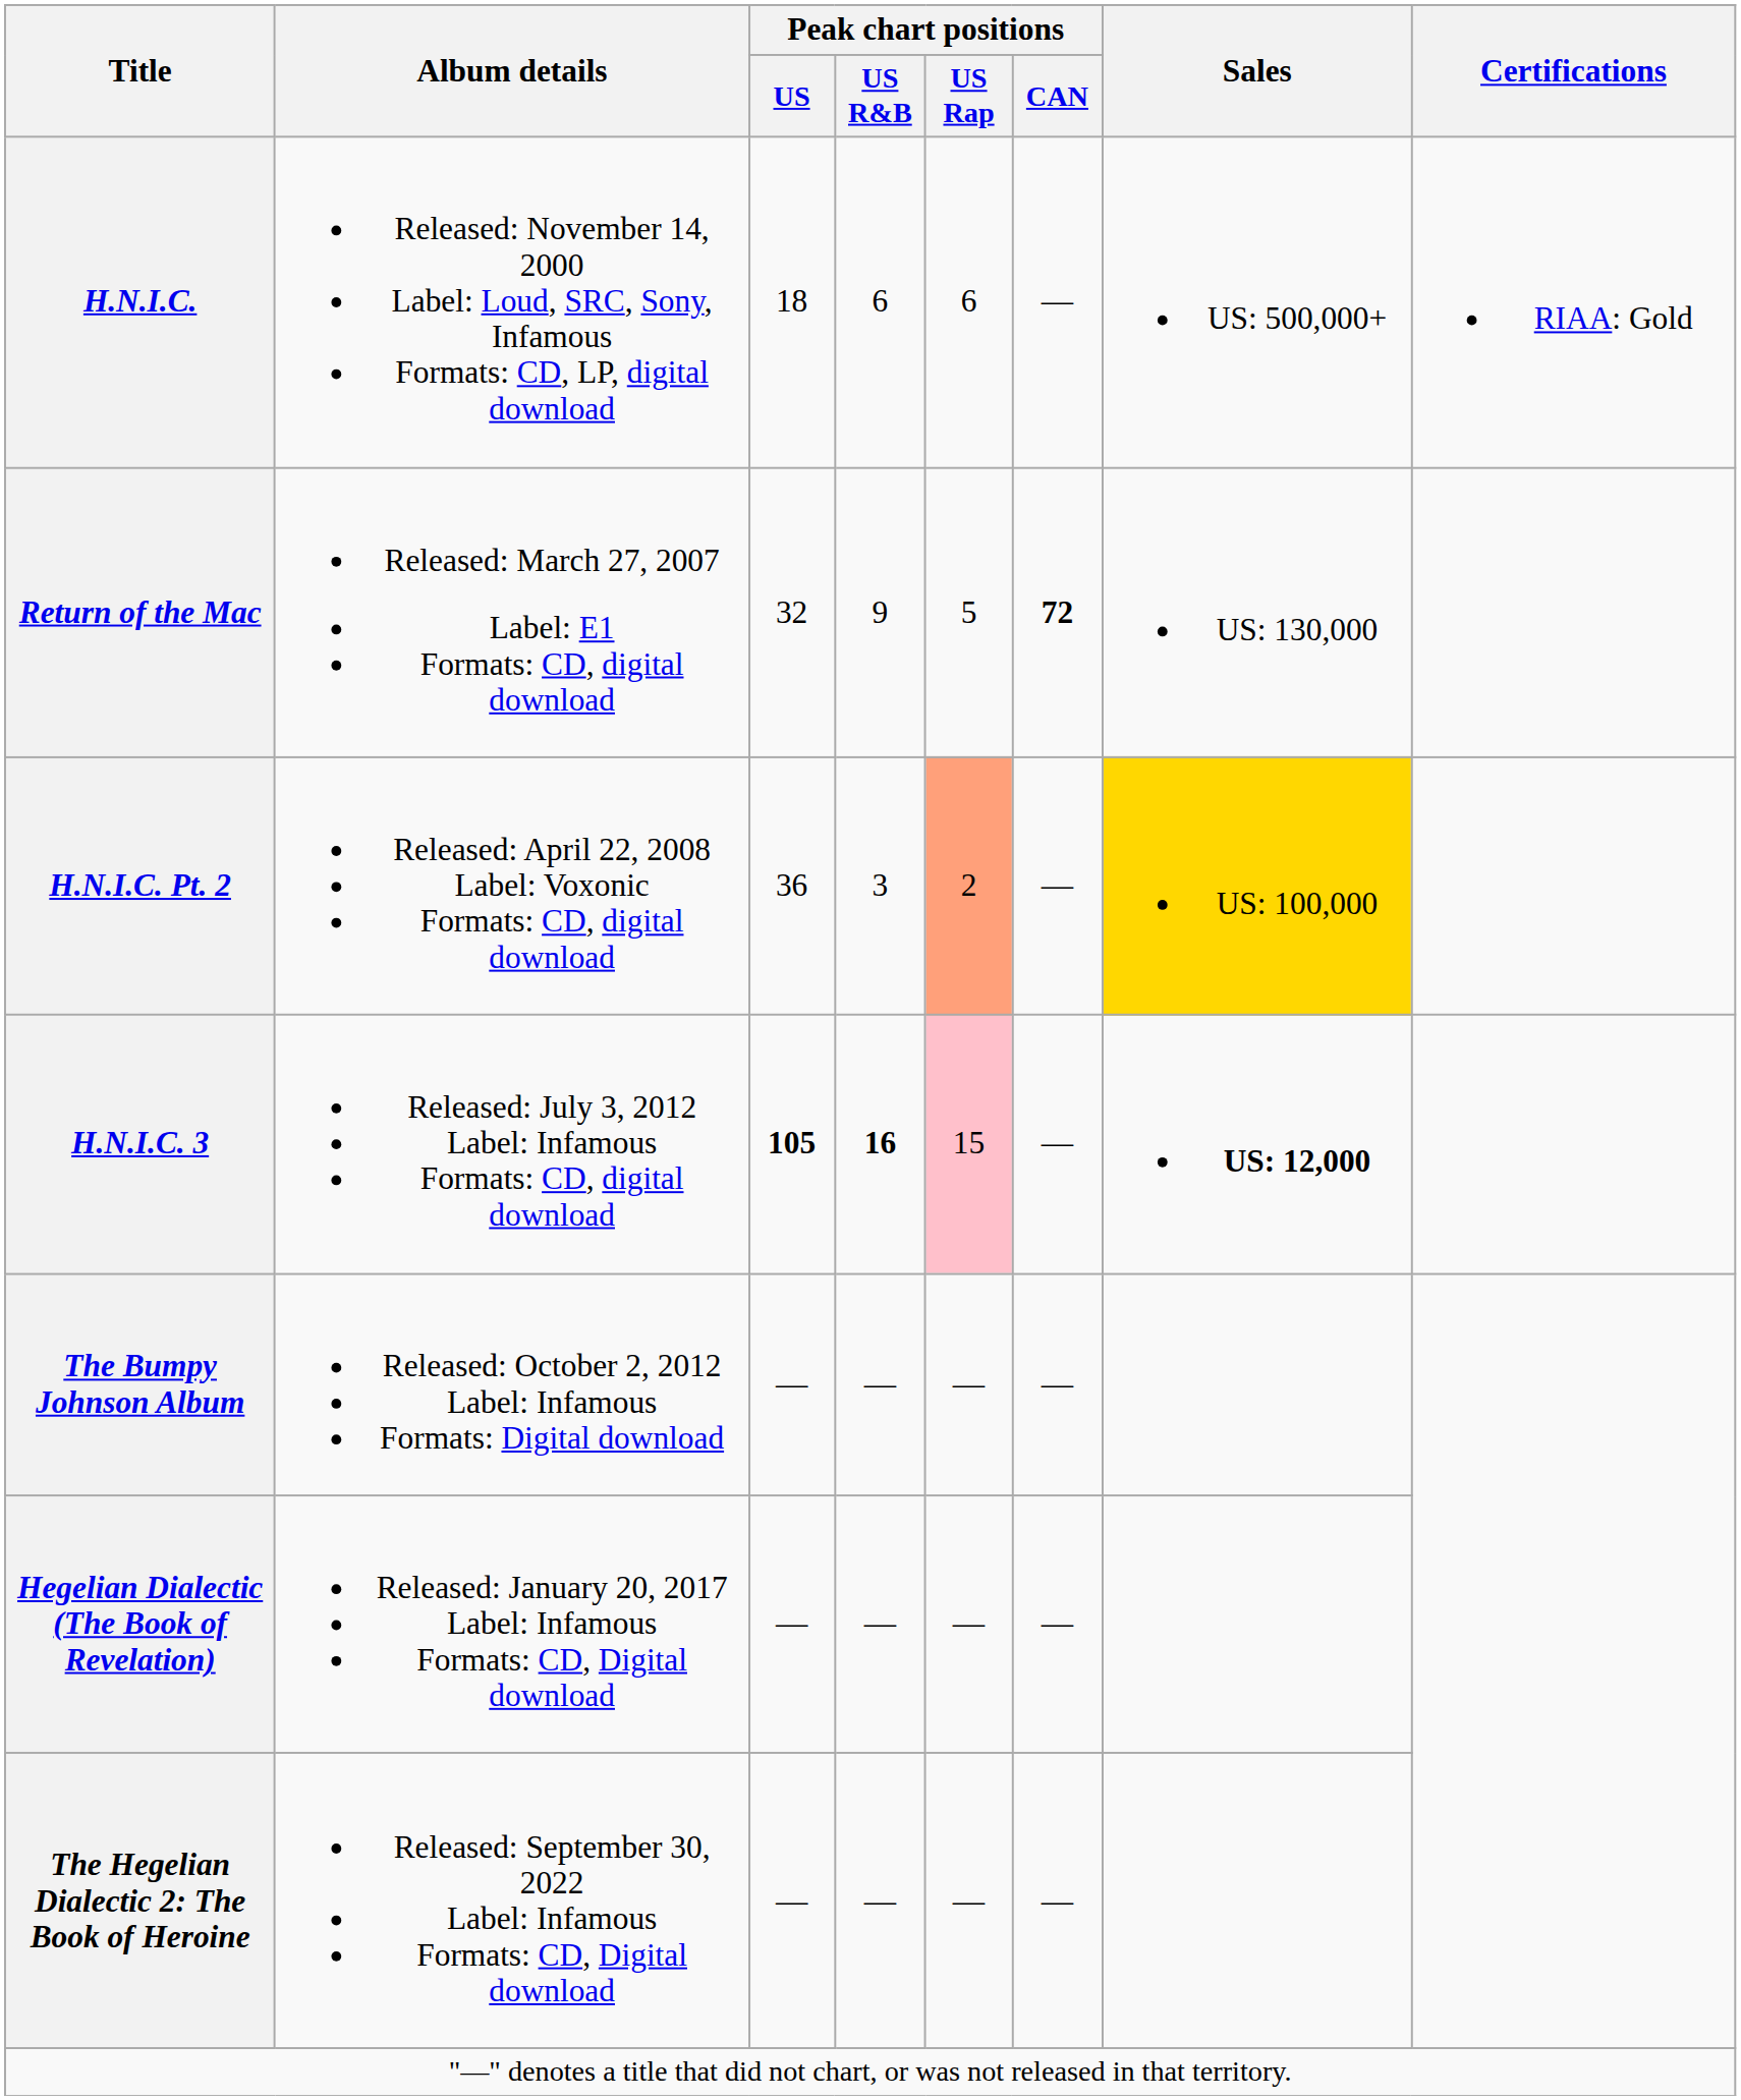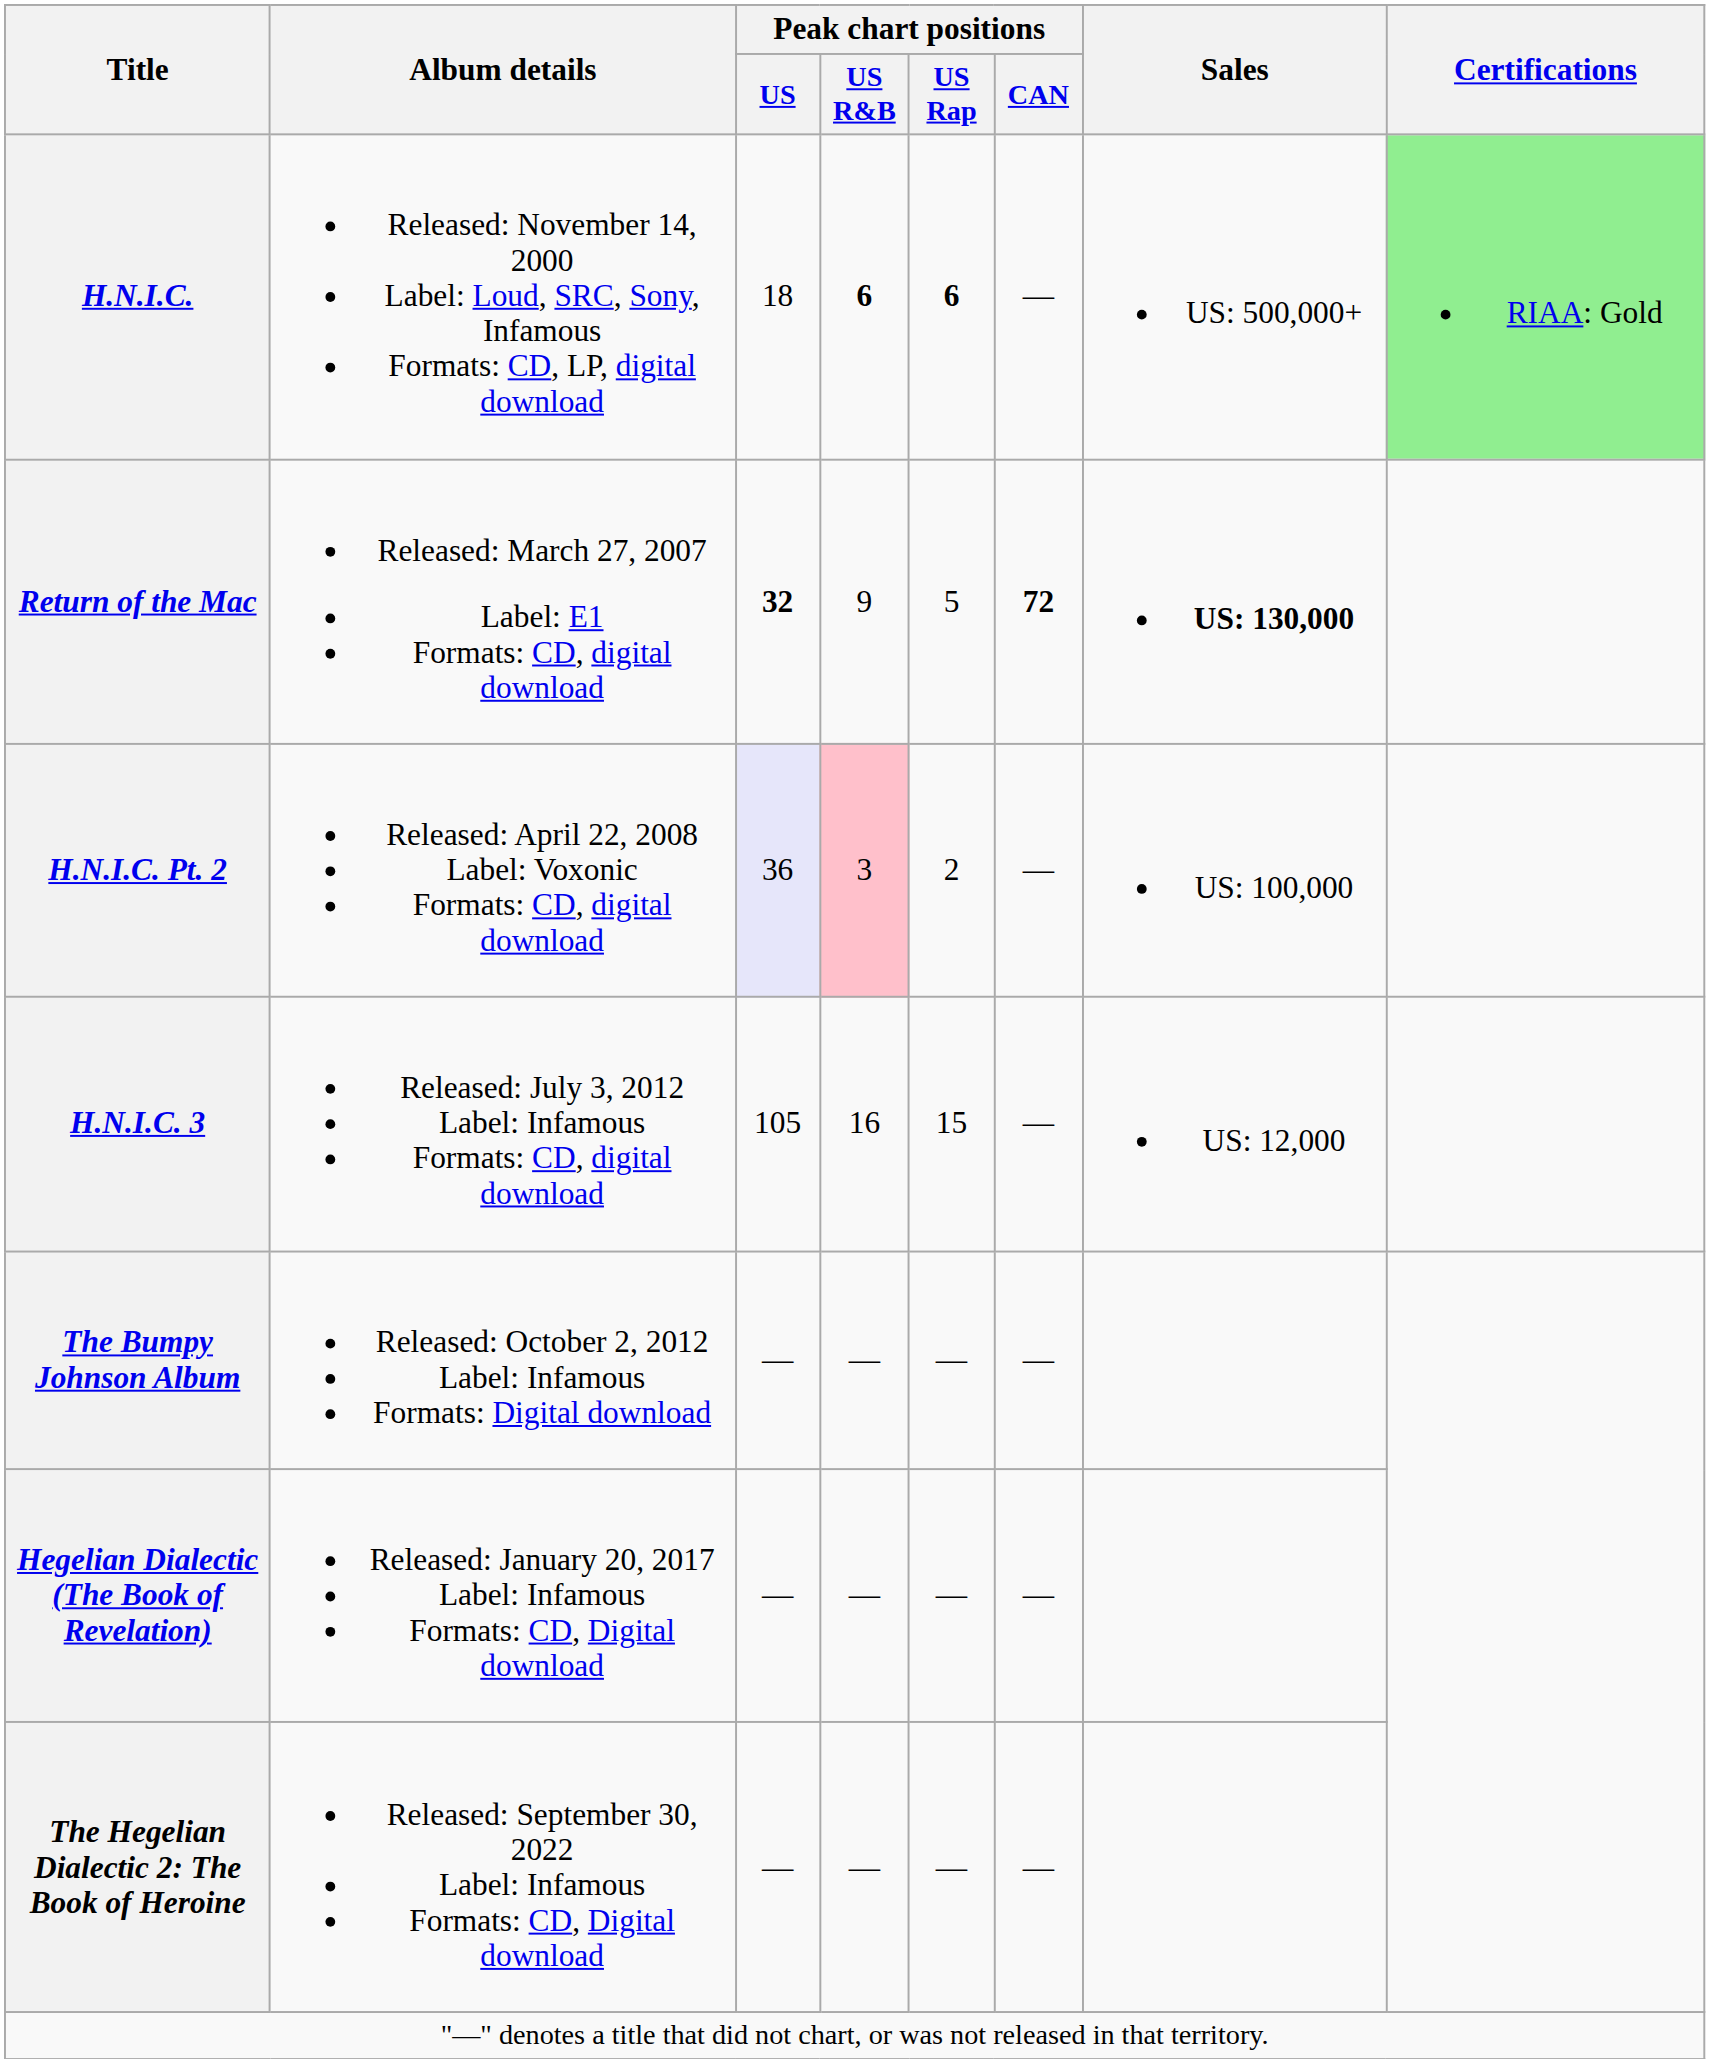 <table class="wikitable plainrowheaders" style="text-align:center;">
 <tr>
 <th scope="col" rowspan="2" style="width:10em;">Title</th>
 <th scope="col" rowspan="2" style="width:19em;">Album details</th>
 <th scope="col" colspan="4">Peak chart positions</th>
 <th scope="col" rowspan="2" style="width:11em;">Sales</th>
 <th scope="col" rowspan="2" style="width:12em;"><a href='#'>Certifications</a></th>
 </tr>
 <tr>
 <th scope="col" style="width:3em;font-size:90%;"><a href='#'>US</a></th>
 <th scope="col" style="width:3em;font-size:90%;"><a href='#'>US R&B</a></th>
 <th scope="col" style="width:3em;font-size:90%;"><a href='#'>US<br>Rap</a></th>
 <th scope="col" style="width:3em;font-size:90%;"><a href='#'>CAN</a></th>
 </tr>
 <tr>
 <th scope="row"><em><a href='#'>H.N.I.C.</a></em></th>
 <td><br><ul><li>Released: November 14, 2000</li><li>Label: <a href='#'>Loud</a>, <a href='#'>SRC</a>, <a href='#'>Sony</a>, Infamous</li><li>Formats: <a href='#'>CD</a>, LP, <a href='#'>digital download</a></li></ul></td>
 <td>18</td>
-<td>6</td>
-<td>6</td>
+<td><strong>6</strong></td>
+<td><strong>6</strong></td>
 <td>—</td>
 <td><br><ul><li>US: 500,000+</li></ul></td>
-<td><br><ul><li><a href='#'>RIAA</a>: Gold</li></ul></td>
+<td style="background: lightgreen;"><br><ul><li><a href='#'>RIAA</a>: Gold</li></ul></td>
 </tr>
 <tr>
 <th scope="row"><em><a href='#'>Return of the Mac</a></em></th>
 <td><br><ul><li>Released: March 27, 2007</li></ul><ul><li>Label: <a href='#'>E1</a></li><li>Formats: <a href='#'>CD</a>, <a href='#'>digital download</a></li></ul></td>
-<td>32</td>
+<td><strong>32</strong></td>
 <td>9</td>
 <td>5</td>
 <td><strong>72</strong></td>
-<td><br><ul><li>US: 130,000</li></ul></td>
+<td><strong><br><ul><li>US: 130,000</li></ul></strong></td>
 <td></td>
 </tr>
 <tr>
 <th scope="row"><em><a href='#'>H.N.I.C. Pt. 2</a></em></th>
 <td><br><ul><li>Released: April 22, 2008</li><li>Label: Voxonic</li><li>Formats: <a href='#'>CD</a>, <a href='#'>digital download</a></li></ul></td>
-<td>36</td>
-<td>3</td>
-<td style="background: lightsalmon;">2</td>
+<td style="background: lavender;">36</td>
+<td style="background: pink;">3</td>
+<td>2</td>
 <td>—</td>
-<td style="background: gold;"><br><ul><li>US: 100,000</li></ul></td>
+<td><br><ul><li>US: 100,000</li></ul></td>
 <td></td>
 </tr>
 <tr>
 <th scope="row"><em><a href='#'>H.N.I.C. 3</a></em></th>
 <td><br><ul><li>Released: July 3, 2012</li><li>Label: Infamous</li><li>Formats: <a href='#'>CD</a>, <a href='#'>digital download</a></li></ul></td>
-<td><strong>105</strong></td>
-<td><strong>16</strong></td>
-<td style="background: pink;">15</td>
+<td>105</td>
+<td>16</td>
+<td>15</td>
 <td>—</td>
-<td><strong><br><ul><li>US: 12,000</li></ul></strong></td>
+<td><br><ul><li>US: 12,000</li></ul></td>
 <td></td>
 </tr>
 <tr>
 <th scope="row"><em><a href='#'>The Bumpy Johnson Album</a></em></th>
 <td><br><ul><li>Released: October 2, 2012</li><li>Label: Infamous</li><li>Formats: <a href='#'>Digital download</a></li></ul></td>
 <td>—</td>
 <td>—</td>
 <td>—</td>
 <td>—</td>
 <td></td>
 </tr>
 <tr>
 <th scope="row"><em><a href='#'>Hegelian Dialectic (The Book of Revelation)</a></em></th>
 <td><br><ul><li>Released: January 20, 2017</li><li>Label: Infamous</li><li>Formats: <a href='#'>CD</a>, <a href='#'>Digital download</a></li></ul></td>
 <td>—</td>
 <td>—</td>
 <td>—</td>
 <td>—</td>
 <td></td>
 </tr>
 <tr>
 <th scope="row"><em>The Hegelian Dialectic 2: The Book of Heroine</em></th>
 <td><br><ul><li>Released: September 30, 2022</li><li>Label: Infamous</li><li>Formats: <a href='#'>CD</a>, <a href='#'>Digital download</a></li></ul></td>
 <td>—</td>
 <td>—</td>
 <td>—</td>
 <td>—</td>
 <td></td>
 </tr>
 <tr>
 <td colspan="14" style="font-size:90%">"—" denotes a title that did not chart, or was not released in that territory.</td>
 </tr>
 </table>
